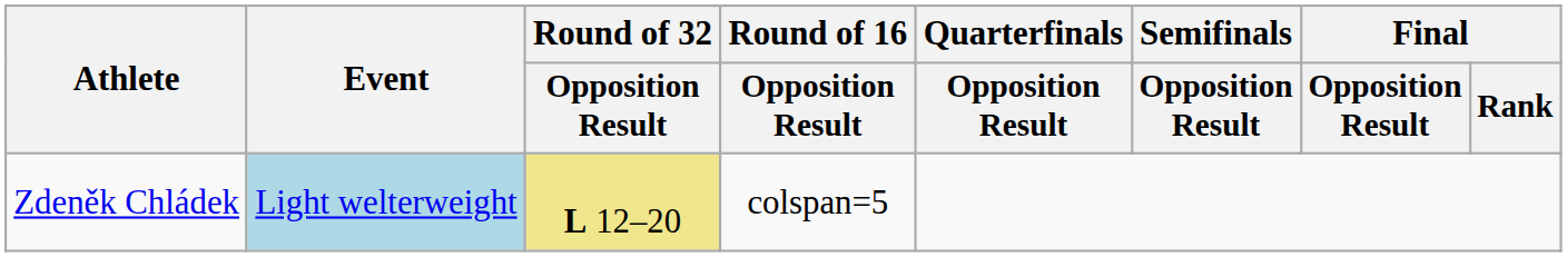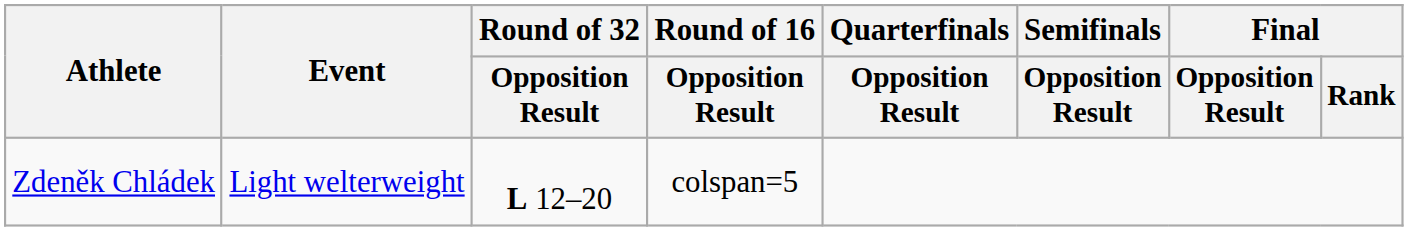 <table class="wikitable" style="font-size:90%">
 <tr>
 <th rowspan="2">Athlete</th>
 <th rowspan="2">Event</th>
 <th>Round of 32</th>
 <th>Round of 16</th>
 <th>Quarterfinals</th>
 <th>Semifinals</th>
 <th colspan=2>Final</th>
 </tr>
 <tr style="font-size:95%">
 <th>Opposition<br>Result</th>
 <th>Opposition<br>Result</th>
 <th>Opposition<br>Result</th>
 <th>Opposition<br>Result</th>
 <th>Opposition<br>Result</th>
 <th>Rank</th>
 </tr>
 <tr align=center>
 <td align=left><a href='#'>Zdeněk Chládek</a></td>
-<td align=left style="background: lightblue;"><a href='#'>Light welterweight</a></td>
-<td style="background: khaki;"><br><strong>L</strong> 12–20</td>
+<td align=left><a href='#'>Light welterweight</a></td>
+<td><br><strong>L</strong> 12–20</td>
 <td>colspan=5 </td>
 </tr>
 </table>
